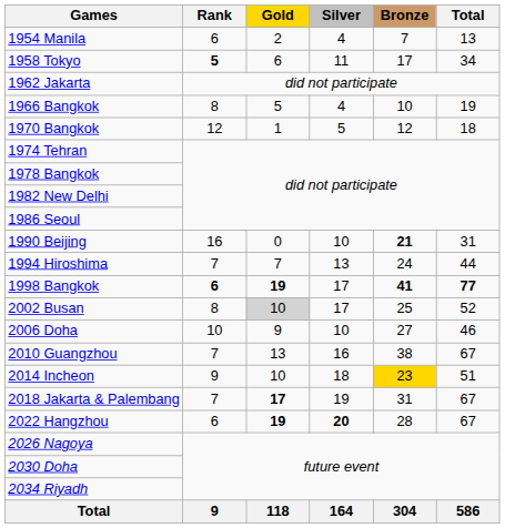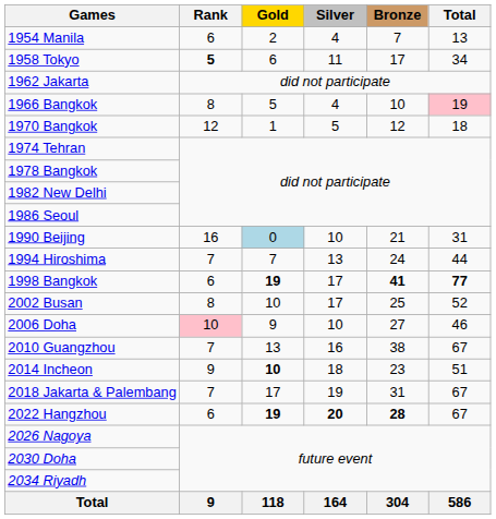 <table class="wikitable sortable" style="margin-top:0em; text-align:center; font-size:100%;">
 <tr>
 <th>Games</th>
 <th style="width:4em;">Rank</th>
 <th style="background:gold; width:4em;"><strong>Gold</strong></th>
 <th style="background:silver; width:4em;"><strong>Silver</strong></th>
 <th style="background:#cc9966; width:4em;"><strong>Bronze</strong></th>
 <th style="width:4em;">Total</th>
 </tr>
 <tr>
 <td align=left> <a href='#'>1954 Manila</a></td>
 <td>6</td>
 <td>2</td>
 <td>4</td>
 <td>7</td>
 <td>13</td>
 </tr>
 <tr>
 <td align=left> <a href='#'>1958 Tokyo</a></td>
 <td><strong>5</strong></td>
 <td>6</td>
 <td>11</td>
 <td>17</td>
 <td>34</td>
 </tr>
 <tr>
 <td align=left> <a href='#'>1962 Jakarta</a></td>
 <td colspan=5><em>did not participate</em></td>
 </tr>
 <tr>
 <td align=left> <a href='#'>1966 Bangkok</a></td>
 <td>8</td>
 <td>5</td>
 <td>4</td>
 <td>10</td>
-<td>19</td>
+<td style="background: pink;">19</td>
 </tr>
 <tr>
 <td align=left> <a href='#'>1970 Bangkok</a></td>
 <td>12</td>
 <td>1</td>
 <td>5</td>
 <td>12</td>
 <td>18</td>
 </tr>
 <tr>
 <td align=left> <a href='#'>1974 Tehran</a></td>
 <td colspan=5 rowspan=4><em>did not participate</em></td>
 </tr>
 <tr>
 <td align=left> <a href='#'>1978 Bangkok</a></td>
 </tr>
 <tr>
 <td align=left> <a href='#'>1982 New Delhi</a></td>
 </tr>
 <tr>
 <td align=left> <a href='#'>1986 Seoul</a></td>
 </tr>
 <tr>
 <td align=left> <a href='#'>1990 Beijing</a></td>
 <td>16</td>
-<td>0</td>
+<td style="background: lightblue;">0</td>
 <td>10</td>
-<td><strong>21</strong></td>
+<td>21</td>
 <td>31</td>
 </tr>
 <tr>
 <td align=left> <a href='#'>1994 Hiroshima</a></td>
 <td>7</td>
 <td>7</td>
 <td>13</td>
 <td>24</td>
 <td>44</td>
 </tr>
 <tr>
 <td align=left> <a href='#'>1998 Bangkok</a></td>
-<td><strong>6</strong></td>
+<td>6</td>
 <td><strong>19</strong></td>
 <td>17</td>
 <td><strong>41</strong></td>
 <td><strong>77</strong></td>
 </tr>
 <tr>
 <td align=left> <a href='#'>2002 Busan</a></td>
 <td>8</td>
-<td style="background: lightgrey;">10</td>
+<td>10</td>
 <td>17</td>
 <td>25</td>
 <td>52</td>
 </tr>
 <tr>
 <td align=left> <a href='#'>2006 Doha</a></td>
-<td>10</td>
+<td style="background: pink;">10</td>
 <td>9</td>
 <td>10</td>
 <td>27</td>
 <td>46</td>
 </tr>
 <tr>
 <td align=left> <a href='#'>2010 Guangzhou</a></td>
 <td>7</td>
 <td>13</td>
 <td>16</td>
 <td>38</td>
 <td>67</td>
 </tr>
 <tr>
 <td align=left> <a href='#'>2014 Incheon</a></td>
 <td>9</td>
-<td>10</td>
+<td><strong>10</strong></td>
 <td>18</td>
-<td style="background: gold;">23</td>
+<td>23</td>
 <td>51</td>
 </tr>
 <tr>
 <td align=left> <a href='#'>2018 Jakarta & Palembang</a></td>
 <td>7</td>
-<td><strong>17</strong></td>
+<td>17</td>
 <td>19</td>
 <td>31</td>
 <td>67</td>
 </tr>
 <tr>
 <td align=left> <a href='#'>2022 Hangzhou</a></td>
 <td>6</td>
 <td><strong>19</strong></td>
 <td><strong>20</strong></td>
-<td>28</td>
+<td><strong>28</strong></td>
 <td>67</td>
 </tr>
 <tr>
 <td align=left> <em><a href='#'>2026 Nagoya</a></em></td>
 <td colspan=5 rowspan=3><em>future event</em></td>
 </tr>
 <tr>
 <td align=left> <em><a href='#'>2030 Doha</a></em></td>
 </tr>
 <tr>
 <td align=left> <em><a href='#'>2034 Riyadh</a></em></td>
 </tr>
 <tr>
 <th>Total</th>
 <th>9</th>
 <th>118</th>
 <th>164</th>
 <th>304</th>
 <th>586</th>
 </tr>
 </table>
